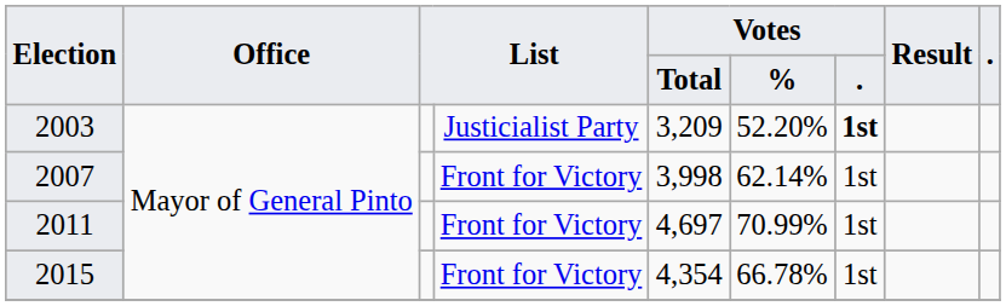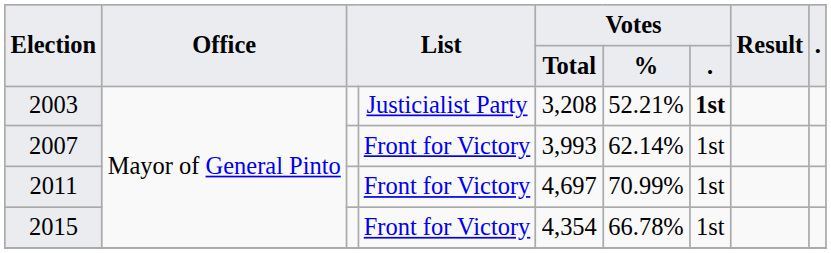 <table class="wikitable" style="font-size:90%; text-align:center;">
 <tr>
 <th style="background-color:#EAECF0;" rowspan=2>Election</th>
 <th style="background-color:#EAECF0;" rowspan=2>Office</th>
 <th style="background-color:#EAECF0;" colspan=2 rowspan=2>List</th>
 <th style="background-color:#EAECF0;" colspan=3>Votes</th>
 <th style="background-color:#EAECF0;" rowspan=2>Result</th>
 <th style="background-color:#EAECF0;" rowspan=2>.</th>
 </tr>
 <tr>
 <th style="background-color:#EAECF0;">Total</th>
 <th style="background-color:#EAECF0;">%</th>
 <th style="background-color:#EAECF0;">.</th>
 </tr>
 <tr>
 <td style="background-color:#EAECF0;">2003</td>
 <td rowspan="4">Mayor of <a href='#'>General Pinto</a></td>
 <td style="background-color:"></td>
 <td><a href='#'>Justicialist Party</a></td>
-<td>3,209</td>
-<td>52.20%</td>
+<td>3,208</td>
+<td>52.21%</td>
 <td><strong>1st</strong></td>
 <td></td>
 <td></td>
 </tr>
 <tr>
 <td style="background-color:#EAECF0;">2007</td>
 <td style="background-color:"></td>
 <td><a href='#'>Front for Victory</a></td>
-<td>3,998</td>
+<td>3,993</td>
 <td>62.14%</td>
 <td>1st</td>
 <td></td>
 <td></td>
 </tr>
 <tr>
 <td style="background-color:#EAECF0;">2011</td>
 <td style="background-color:"></td>
 <td><a href='#'>Front for Victory</a></td>
 <td>4,697</td>
 <td>70.99%</td>
 <td>1st</td>
 <td></td>
 <td></td>
 </tr>
 <tr>
 <td style="background-color:#EAECF0;">2015</td>
 <td style="background-color:"></td>
 <td><a href='#'>Front for Victory</a></td>
 <td>4,354</td>
 <td>66.78%</td>
 <td>1st</td>
 <td></td>
 <td></td>
 </tr>
 <tr>
 </tr>
 </table>
